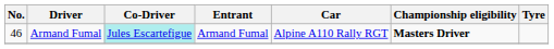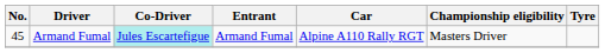 <table class="wikitable" style="font-size: 85%;">
 <tr>
 <th>No.</th>
 <th>Driver</th>
 <th>Co-Driver</th>
 <th>Entrant</th>
 <th>Car</th>
 <th>Championship eligibility</th>
 <th>Tyre</th>
 </tr>
 <tr>
-<td align="center">46</td>
+<td align="center">45</td>
 <td> <a href='#'>Armand Fumal</a></td>
 <td style="background: paleturquoise;"> <a href='#'>Jules Escartefigue</a></td>
 <td> <a href='#'>Armand Fumal</a></td>
 <td><a href='#'>Alpine A110 Rally RGT</a></td>
-<td><strong>Masters Driver</strong></td>
+<td>Masters Driver</td>
 <td align="center"></td>
 </tr>
 <tr>
 </tr>
 </table>
